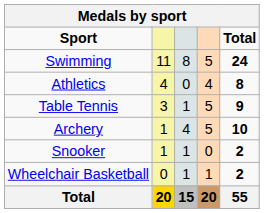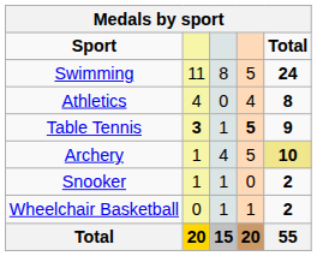 <table class="wikitable" style="font-size:95%">
 <tr style="background:#efefef;">
 <th colspan=5>Medals by sport</th>
 </tr>
 <tr style="text-align:center;">
 <td><strong>Sport</strong></td>
 <td bgcolor=#f7f6a8></td>
 <td bgcolor=#dce5e5></td>
 <td bgcolor=#ffdab9></td>
 <td><strong>Total</strong></td>
 </tr>
 <tr style="text-align:center;">
 <td><a href='#'>Swimming</a></td>
 <td style="background:#F7F6A8;">11</td>
 <td style="background:#DCE5E5;">8</td>
 <td style="background:#FFDAB9;">5</td>
 <td><strong>24</strong></td>
 </tr>
 <tr style="text-align:center;">
 <td><a href='#'>Athletics</a></td>
 <td style="background:#F7F6A8;">4</td>
 <td style="background:#DCE5E5;">0</td>
 <td style="background:#FFDAB9;">4</td>
 <td><strong>8</strong></td>
 </tr>
 <tr style="text-align:center;">
 <td><a href='#'>Table Tennis</a></td>
-<td style="background:#F7F6A8;">3</td>
+<td style="background:#F7F6A8;"><strong>3</strong></td>
 <td style="background:#DCE5E5;">1</td>
-<td style="background:#FFDAB9;">5</td>
+<td style="background:#FFDAB9;"><strong>5</strong></td>
 <td><strong>9</strong></td>
 </tr>
 <tr style="text-align:center;">
 <td><a href='#'>Archery</a></td>
 <td style="background:#F7F6A8;">1</td>
 <td style="background:#DCE5E5;">4</td>
 <td style="background:#FFDAB9;">5</td>
-<td><strong>10</strong></td>
+<td style="background: khaki;"><strong>10</strong></td>
 </tr>
 <tr style="text-align:center;">
 <td><a href='#'>Snooker</a></td>
 <td style="background:#F7F6A8;">1</td>
 <td style="background:#DCE5E5;">1</td>
 <td style="background:#FFDAB9;">0</td>
 <td><strong>2</strong></td>
 </tr>
 <tr style="text-align:center;">
 <td><a href='#'>Wheelchair Basketball</a></td>
 <td style="background:#F7F6A8;">0</td>
 <td style="background:#DCE5E5;">1</td>
 <td style="background:#FFDAB9;">1</td>
 <td><strong>2</strong></td>
 </tr>
 <tr>
 <th>Total</th>
 <th style="background:gold;">20</th>
 <th style="background:silver;">15</th>
 <th style="background:#c96;">20</th>
 <th>55</th>
 </tr>
 </table>
